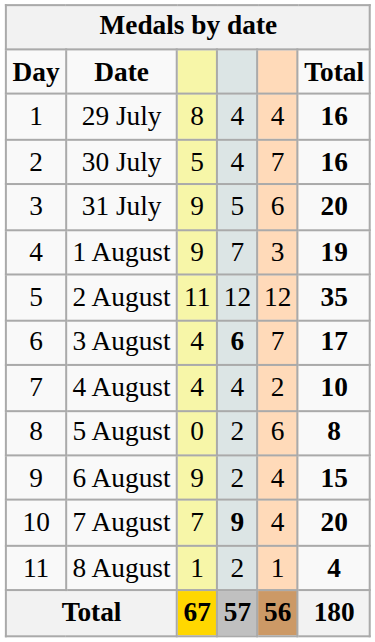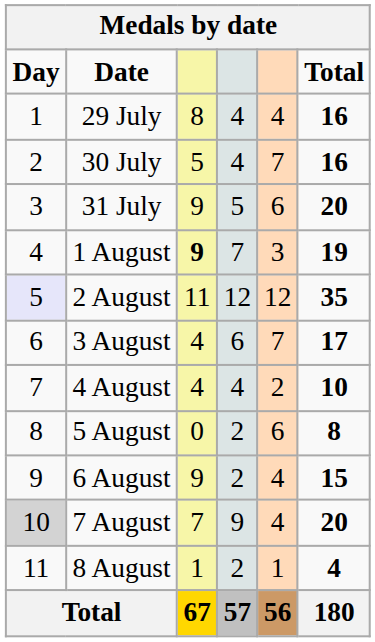 <table class=wikitable style="font-size:85%;float:right;text-align:center">
 <tr bgcolor=EFEFEF>
 <th colspan=6>Medals by date</th>
 </tr>
 <tr>
 <td><strong>Day</strong></td>
 <td><strong>Date</strong></td>
 <td bgcolor=F7F6A8></td>
 <td bgcolor=DCE5E5></td>
 <td bgcolor=FFDAB9></td>
 <td><strong>Total</strong></td>
 </tr>
 <tr>
 <td>1</td>
 <td>29 July</td>
 <td bgcolor=F7F6A8>8</td>
 <td bgcolor=DCE5E5>4</td>
 <td bgcolor=FFDAB9>4</td>
 <td><strong>16</strong></td>
 </tr>
 <tr>
 <td>2</td>
 <td>30 July</td>
 <td bgcolor=F7F6A8>5</td>
 <td bgcolor=DCE5E5>4</td>
 <td bgcolor=FFDAB9>7</td>
 <td><strong>16</strong></td>
 </tr>
 <tr>
 <td>3</td>
 <td>31 July</td>
 <td bgcolor=F7F6A8>9</td>
 <td bgcolor=DCE5E5>5</td>
 <td bgcolor=FFDAB9>6</td>
 <td><strong>20</strong></td>
 </tr>
 <tr>
 <td>4</td>
 <td>1 August</td>
-<td bgcolor=F7F6A8>9</td>
+<td bgcolor=F7F6A8><strong>9</strong></td>
 <td bgcolor=DCE5E5>7</td>
 <td bgcolor=FFDAB9>3</td>
 <td><strong>19</strong></td>
 </tr>
 <tr>
-<td>5</td>
+<td style="background: lavender;">5</td>
 <td>2 August</td>
 <td bgcolor=F7F6A8>11</td>
 <td bgcolor=DCE5E5>12</td>
 <td bgcolor=FFDAB9>12</td>
 <td><strong>35</strong></td>
 </tr>
 <tr>
 <td>6</td>
 <td>3 August</td>
 <td bgcolor=F7F6A8>4</td>
-<td bgcolor=DCE5E5><strong>6</strong></td>
+<td bgcolor=DCE5E5>6</td>
 <td bgcolor=FFDAB9>7</td>
 <td><strong>17</strong></td>
 </tr>
 <tr>
 <td>7</td>
 <td>4 August</td>
 <td bgcolor=F7F6A8>4</td>
 <td bgcolor=DCE5E5>4</td>
 <td bgcolor=FFDAB9>2</td>
 <td><strong>10</strong></td>
 </tr>
 <tr>
 <td>8</td>
 <td>5 August</td>
 <td bgcolor=F7F6A8>0</td>
 <td bgcolor=DCE5E5>2</td>
 <td bgcolor=FFDAB9>6</td>
 <td><strong>8</strong></td>
 </tr>
 <tr>
 <td>9</td>
 <td>6 August</td>
 <td bgcolor=F7F6A8>9</td>
 <td bgcolor=DCE5E5>2</td>
 <td bgcolor=FFDAB9>4</td>
 <td><strong>15</strong></td>
 </tr>
 <tr>
-<td>10</td>
+<td style="background: lightgrey;">10</td>
 <td>7 August</td>
 <td bgcolor=F7F6A8>7</td>
-<td bgcolor=DCE5E5><strong>9</strong></td>
+<td bgcolor=DCE5E5>9</td>
 <td bgcolor=FFDAB9>4</td>
 <td><strong>20</strong></td>
 </tr>
 <tr>
 <td>11</td>
 <td>8 August</td>
 <td bgcolor=F7F6A8>1</td>
 <td bgcolor=DCE5E5>2</td>
 <td bgcolor=FFDAB9>1</td>
 <td><strong>4</strong></td>
 </tr>
 <tr>
 <th colspan=2>Total</th>
 <th style="background:gold">67</th>
 <th style="background:silver">57</th>
 <th style="background:#c96">56</th>
 <th>180</th>
 </tr>
 </table>
